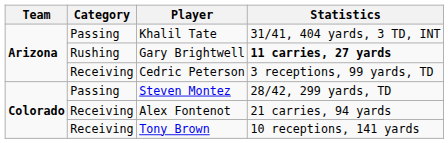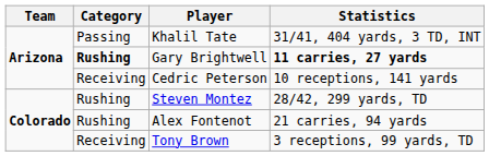 <table class="wikitable" style="float: right;">
 <tr>
 <th>Team</th>
 <th>Category</th>
 <th>Player</th>
 <th>Statistics</th>
 </tr>
 <tr>
 <td rowspan=3><strong>Arizona</strong></td>
 <td>Passing</td>
 <td>Khalil Tate</td>
 <td>31/41, 404 yards, 3 TD, INT</td>
 </tr>
 <tr>
-<td>Rushing</td>
+<td><strong>Rushing</strong></td>
 <td>Gary Brightwell</td>
 <td><strong>11 carries, 27 yards</strong></td>
 </tr>
 <tr>
 <td>Receiving</td>
 <td>Cedric Peterson</td>
-<td>3 receptions, 99 yards, TD</td>
+<td>10 receptions, 141 yards</td>
 </tr>
 <tr>
 <td rowspan=3><strong>Colorado</strong></td>
-<td>Passing</td>
+<td>Rushing</td>
 <td><a href='#'>Steven Montez</a></td>
 <td>28/42, 299 yards, TD</td>
 </tr>
 <tr>
-<td>Receiving</td>
+<td>Rushing</td>
 <td>Alex Fontenot</td>
 <td>21 carries, 94 yards</td>
 </tr>
 <tr>
 <td>Receiving</td>
 <td><a href='#'>Tony Brown</a></td>
-<td>10 receptions, 141 yards</td>
+<td>3 receptions, 99 yards, TD</td>
 </tr>
 </table>
